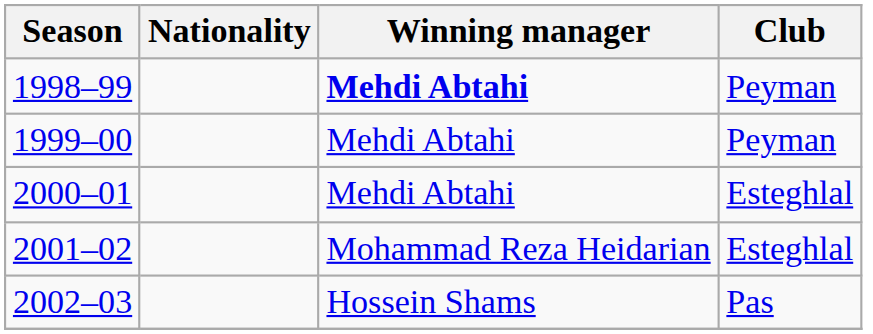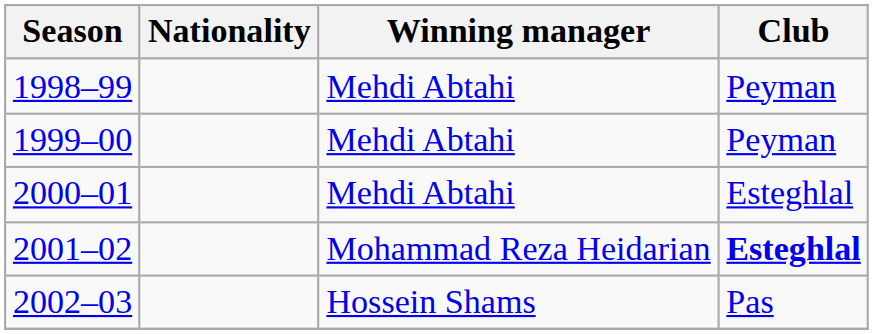 <table class="sortable wikitable">
 <tr>
 <th>Season</th>
 <th>Nationality</th>
 <th>Winning manager</th>
 <th>Club</th>
 </tr>
 <tr>
 <td align=center><a href='#'>1998–99</a></td>
 <td></td>
-<td><strong><a href='#'>Mehdi Abtahi</a></strong></td>
+<td><a href='#'>Mehdi Abtahi</a></td>
 <td><a href='#'>Peyman</a></td>
 </tr>
 <tr>
 <td align=center><a href='#'>1999–00</a></td>
 <td></td>
 <td><a href='#'>Mehdi Abtahi</a></td>
 <td><a href='#'>Peyman</a></td>
 </tr>
 <tr>
 <td align=center><a href='#'>2000–01</a></td>
 <td></td>
 <td><a href='#'>Mehdi Abtahi</a></td>
 <td><a href='#'>Esteghlal</a></td>
 </tr>
 <tr>
 <td align=center><a href='#'>2001–02</a></td>
 <td></td>
 <td><a href='#'>Mohammad Reza Heidarian</a></td>
-<td><a href='#'>Esteghlal</a></td>
+<td><strong><a href='#'>Esteghlal</a></strong></td>
 </tr>
 <tr>
 <td align=center><a href='#'>2002–03</a></td>
 <td></td>
 <td><a href='#'>Hossein Shams</a></td>
 <td><a href='#'>Pas</a></td>
 </tr>
 <tr>
 </tr>
 </table>
